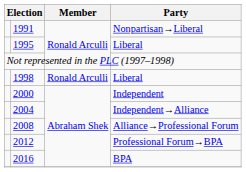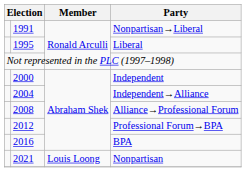 <table class="wikitable">
 <tr>
 <th colspan="2">Election</th>
 <th>Member</th>
 <th>Party</th>
 </tr>
 <tr>
 <td style="background-color: "></td>
 <td><a href='#'>1991</a></td>
 <td rowspan="3"><a href='#'>Ronald Arculli</a></td>
 <td><a href='#'>Nonpartisan</a>→<a href='#'>Liberal</a></td>
 </tr>
 <tr>
 <td style="background-color: "></td>
 <td><a href='#'>1995</a></td>
 <td><a href='#'>Liberal</a></td>
 </tr>
 <tr>
 <td colspan="4"><em>Not represented in the <a href='#'>PLC</a> (1997–1998)</em></td>
-</tr>
-<tr>
-<td style="background-color: "></td>
-<td><a href='#'>1998</a></td>
-<td><a href='#'>Ronald Arculli</a></td>
-<td><a href='#'>Liberal</a></td>
 </tr>
 <tr>
 <td style="background-color: "></td>
 <td><a href='#'>2000</a></td>
 <td rowspan="5"><a href='#'>Abraham Shek</a></td>
 <td rowspan="1"><a href='#'>Independent</a></td>
 </tr>
 <tr>
 <td style="background-color: "></td>
 <td><a href='#'>2004</a></td>
 <td><a href='#'>Independent</a>→<a href='#'>Alliance</a></td>
 </tr>
 <tr>
 <td style="background-color: "></td>
 <td><a href='#'>2008</a></td>
 <td><a href='#'>Alliance</a>→<a href='#'>Professional Forum</a></td>
 </tr>
 <tr>
 <td style="background-color: "></td>
 <td><a href='#'>2012</a></td>
 <td><a href='#'>Professional Forum</a>→<a href='#'>BPA</a></td>
 </tr>
 <tr>
 <td style="background-color: "></td>
 <td><a href='#'>2016</a></td>
 <td><a href='#'>BPA</a></td>
 </tr>
 <tr>
+<td style="background-color: "></td>
+<td><a href='#'>2021</a></td>
+<td><a href='#'>Louis Loong</a></td>
+<td><a href='#'>Nonpartisan</a></td>
+</tr>
+<tr>
 </tr>
 </table>
